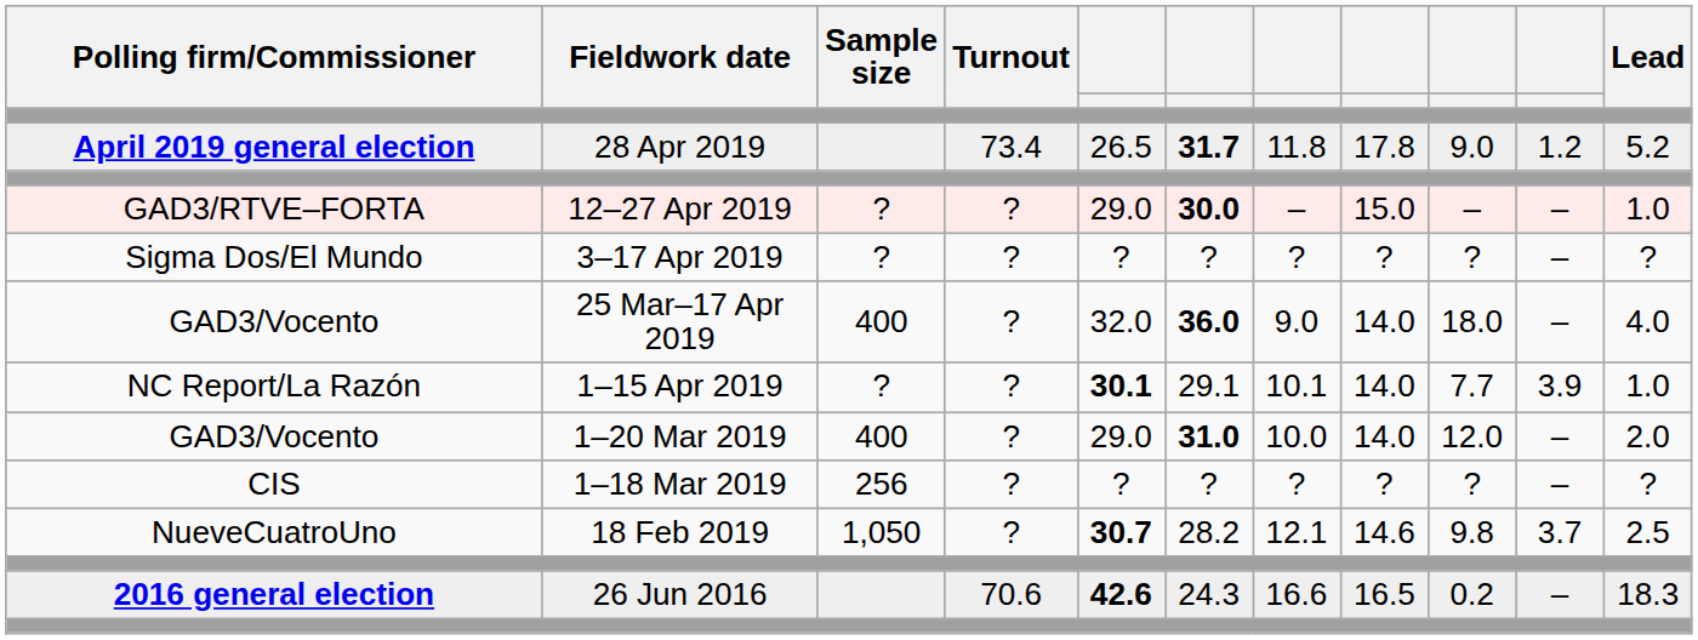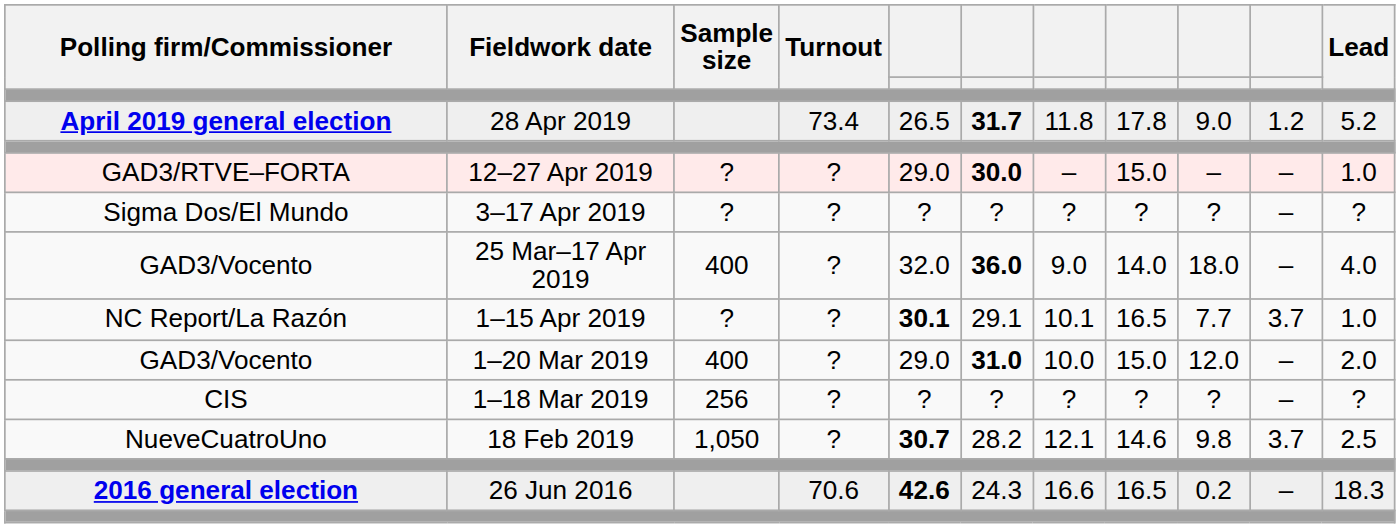 <table class="wikitable collapsible collapsed" style="text-align:center; font-size:95%; line-height:16px;">
 <tr style="height:42px;">
 <th style="width:250px;" rowspan="2">Polling firm/Commissioner</th>
 <th style="width:125px;" rowspan="2">Fieldwork date</th>
 <th style="width:50px;" rowspan="2">Sample size</th>
 <th style="width:45px;" rowspan="2">Turnout</th>
 <th style="width:35px;"></th>
 <th style="width:35px;"></th>
 <th style="width:35px;"></th>
 <th style="width:35px;"></th>
 <th style="width:35px;"></th>
 <th style="width:35px;"></th>
 <th style="width:30px;" rowspan="2">Lead</th>
 </tr>
 <tr>
 <th style="color:inherit;background:"></th>
 <th style="color:inherit;background:"></th>
 <th style="color:inherit;background:"></th>
 <th style="color:inherit;background:"></th>
 <th style="color:inherit;background:"></th>
 <th style="color:inherit;background:"></th>
 </tr>
 <tr>
 <td colspan="11" style="background:#A0A0A0"></td>
 </tr>
 <tr style="background:#EFEFEF;">
 <td><strong><a href='#'>April 2019 general election</a></strong></td>
 <td>28 Apr 2019</td>
 <td></td>
 <td>73.4</td>
 <td>26.5<br></td>
 <td><strong>31.7</strong><br></td>
 <td>11.8<br></td>
 <td>17.8<br></td>
 <td>9.0<br></td>
 <td>1.2<br></td>
 <td style="background:">5.2</td>
 </tr>
 <tr>
 <td colspan="11" style="background:#A0A0A0"></td>
 </tr>
 <tr style="background:#FFEAEA;">
 <td>GAD3/RTVE–FORTA</td>
 <td>12–27 Apr 2019</td>
 <td>?</td>
 <td>?</td>
 <td>29.0<br></td>
 <td><strong>30.0</strong><br></td>
 <td>–</td>
 <td>15.0<br></td>
 <td>–</td>
 <td>–</td>
 <td style="background:">1.0</td>
 </tr>
 <tr>
 <td>Sigma Dos/El Mundo</td>
 <td>3–17 Apr 2019</td>
 <td>?</td>
 <td>?</td>
 <td>?<br></td>
 <td>?<br></td>
 <td>?<br></td>
 <td>?<br></td>
 <td>?<br></td>
 <td>–</td>
 <td style="background:">?</td>
 </tr>
 <tr>
 <td>GAD3/Vocento</td>
 <td>25 Mar–17 Apr 2019</td>
 <td>400</td>
 <td>?</td>
 <td>32.0<br></td>
 <td><strong>36.0</strong><br></td>
 <td>9.0<br></td>
 <td>14.0<br></td>
 <td>18.0<br></td>
 <td>–</td>
 <td style="background:">4.0</td>
 </tr>
 <tr>
 <td>NC Report/La Razón</td>
 <td>1–15 Apr 2019</td>
 <td>?</td>
 <td>?</td>
 <td><strong>30.1</strong><br></td>
 <td>29.1<br></td>
 <td>10.1<br></td>
-<td>14.0<br></td>
+<td>16.5<br></td>
 <td>7.7<br></td>
-<td>3.9<br></td>
+<td>3.7<br></td>
 <td style="background:">1.0</td>
 </tr>
 <tr>
 <td>GAD3/Vocento</td>
 <td>1–20 Mar 2019</td>
 <td>400</td>
 <td>?</td>
 <td>29.0<br></td>
 <td><strong>31.0</strong><br></td>
 <td>10.0<br></td>
-<td>14.0<br></td>
+<td>15.0<br></td>
 <td>12.0<br></td>
 <td>–</td>
 <td style="background:">2.0</td>
 </tr>
 <tr>
 <td>CIS</td>
 <td>1–18 Mar 2019</td>
 <td>256</td>
 <td>?</td>
 <td>?<br></td>
 <td>?<br></td>
 <td>?<br></td>
 <td>?<br></td>
 <td>?<br></td>
 <td>–</td>
 <td style="background:">?</td>
 </tr>
 <tr>
 <td>NueveCuatroUno</td>
 <td>18 Feb 2019</td>
 <td>1,050</td>
 <td>?</td>
 <td><strong>30.7</strong><br></td>
 <td>28.2<br></td>
 <td>12.1<br></td>
 <td>14.6<br></td>
 <td>9.8<br></td>
 <td>3.7<br></td>
 <td style="background:">2.5</td>
 </tr>
 <tr>
 <td colspan="11" style="background:#A0A0A0"></td>
 </tr>
 <tr style="background:#EFEFEF;">
 <td><strong><a href='#'>2016 general election</a></strong></td>
 <td>26 Jun 2016</td>
 <td></td>
 <td>70.6</td>
 <td><strong>42.6</strong><br></td>
 <td>24.3<br></td>
 <td>16.6<br></td>
 <td>16.5<br></td>
 <td>0.2<br></td>
 <td>–</td>
 <td style="background:">18.3</td>
 </tr>
 <tr>
 <td colspan="11" style="background:#A0A0A0"></td>
 </tr>
 </table>
